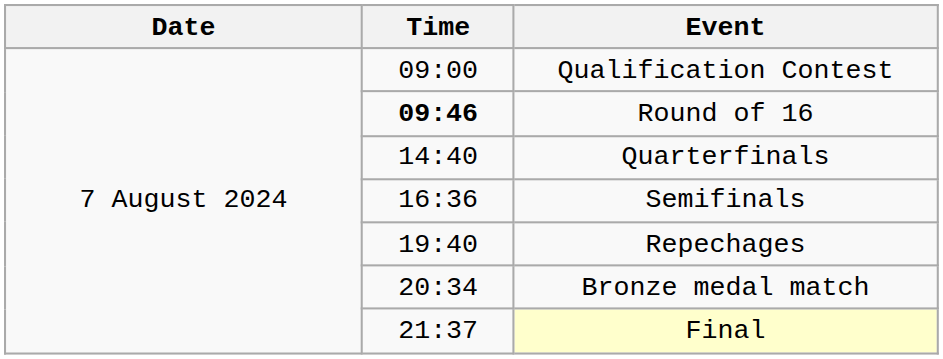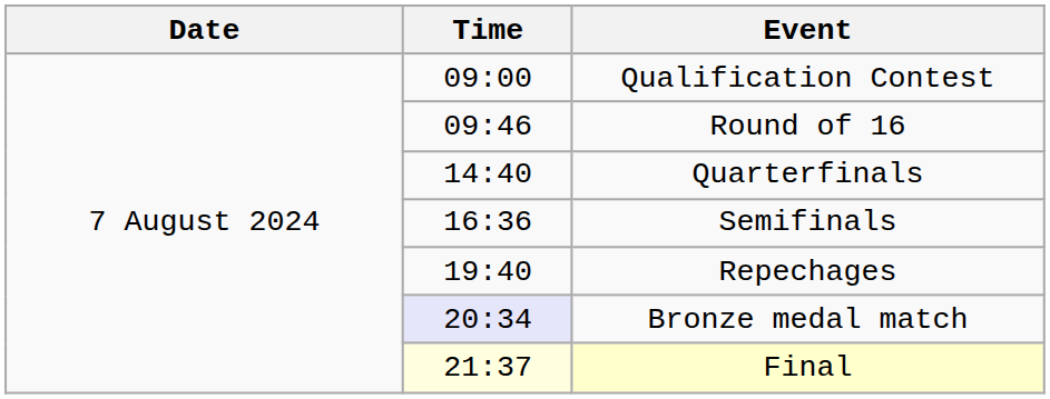 <table class = "wikitable" style="text-align:center;">
 <tr>
 <th width=168>Date</th>
 <th width=68>Time</th>
 <th width=200>Event</th>
 </tr>
 <tr>
 <td rowspan=7>7 August 2024</td>
 <td>09:00</td>
 <td>Qualification Contest</td>
 </tr>
 <tr>
-<td><strong>09:46</strong></td>
+<td>09:46</td>
 <td>Round of 16</td>
 </tr>
 <tr>
 <td>14:40</td>
 <td>Quarterfinals</td>
 </tr>
 <tr>
 <td>16:36</td>
 <td>Semifinals</td>
 </tr>
 <tr>
 <td>19:40</td>
 <td>Repechages</td>
 </tr>
 <tr>
-<td>20:34</td>
+<td style="background: lavender;">20:34</td>
 <td>Bronze medal match</td>
 </tr>
 <tr>
-<td>21:37</td>
+<td style="background: lightyellow;">21:37</td>
 <td bgcolor=ffffcc>Final</td>
 </tr>
 </table>
